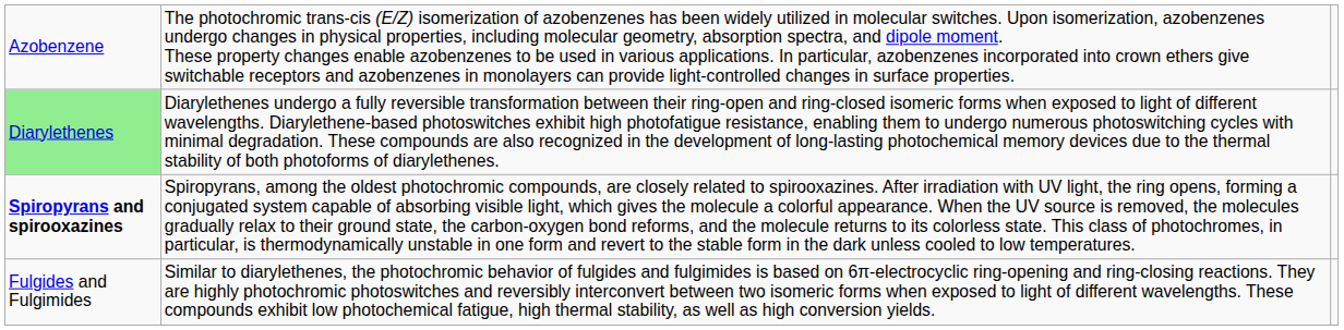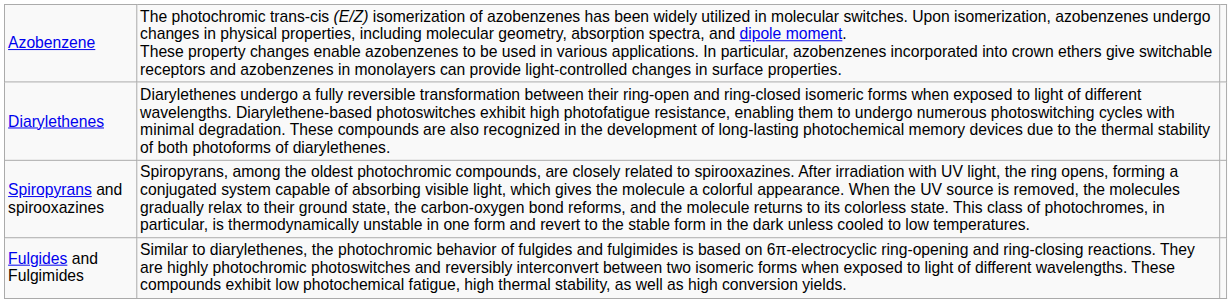 <table class="wikitable">
 <tr>
 <td><a href='#'>Azobenzene</a></td>
 <td>The photochromic trans-cis <em>(E/Z)</em> isomerization of azobenzenes has been widely utilized in molecular switches. Upon isomerization, azobenzenes undergo changes in physical properties, including molecular geometry, absorption spectra, and <a href='#'>dipole moment</a>.<br>These property changes enable azobenzenes to be used in various applications. In particular, azobenzenes incorporated into crown ethers give switchable receptors and azobenzenes in monolayers can provide light-controlled changes in surface properties.</td>
 <td></td>
 </tr>
 <tr>
-<td style="background: lightgreen;"><a href='#'>Diarylethenes</a></td>
+<td><a href='#'>Diarylethenes</a></td>
 <td>Diarylethenes undergo a fully reversible transformation between their ring-open and ring-closed isomeric forms when exposed to light of different wavelengths. Diarylethene-based photoswitches exhibit high photofatigue resistance, enabling them to undergo numerous photoswitching cycles with minimal degradation. These compounds are also recognized in the development of long-lasting photochemical memory devices due to the thermal stability of both photoforms of diarylethenes.</td>
 <td></td>
 </tr>
 <tr>
-<td><strong><a href='#'>Spiropyrans</a> and spirooxazines</strong></td>
+<td><a href='#'>Spiropyrans</a> and spirooxazines</td>
 <td>Spiropyrans, among the oldest photochromic compounds, are closely related to spirooxazines. After irradiation with UV light, the ring opens, forming a conjugated system capable of absorbing visible light, which gives the molecule a colorful appearance. When the UV source is removed, the molecules gradually relax to their ground state, the carbon-oxygen bond reforms, and the molecule returns to its colorless state. This class of photochromes, in particular, is thermodynamically unstable in one form and revert to the stable form in the dark unless cooled to low temperatures.</td>
 <td></td>
 </tr>
 <tr>
 <td><a href='#'>Fulgides</a> and Fulgimides</td>
 <td>Similar to diarylethenes, the photochromic behavior of fulgides and fulgimides is based on 6π-electrocyclic ring-opening and ring-closing reactions. They are highly photochromic photoswitches and reversibly interconvert between two isomeric forms when exposed to light of different wavelengths. These compounds exhibit low photochemical fatigue, high thermal stability, as well as high conversion yields.</td>
 <td></td>
 </tr>
 <tr>
 </tr>
 </table>
